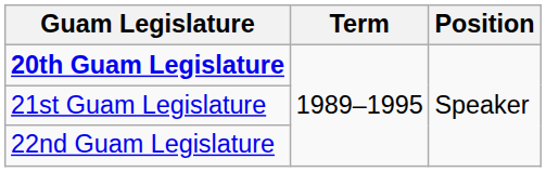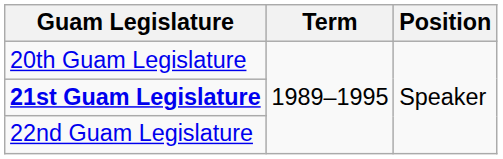 <table class="wikitable sortable" id="committee leadership">
 <tr style="vertical-align:bottom;">
 <th>Guam Legislature</th>
 <th>Term</th>
 <th>Position</th>
 </tr>
 <tr>
-<td><strong><a href='#'>20th Guam Legislature</a></strong></td>
+<td><a href='#'>20th Guam Legislature</a></td>
 <td rowspan=3>1989–1995</td>
 <td rowspan=3>Speaker</td>
 </tr>
 <tr>
-<td><a href='#'>21st Guam Legislature</a></td>
+<td><strong><a href='#'>21st Guam Legislature</a></strong></td>
 </tr>
 <tr>
 <td><a href='#'>22nd Guam Legislature</a></td>
 </tr>
 </table>
